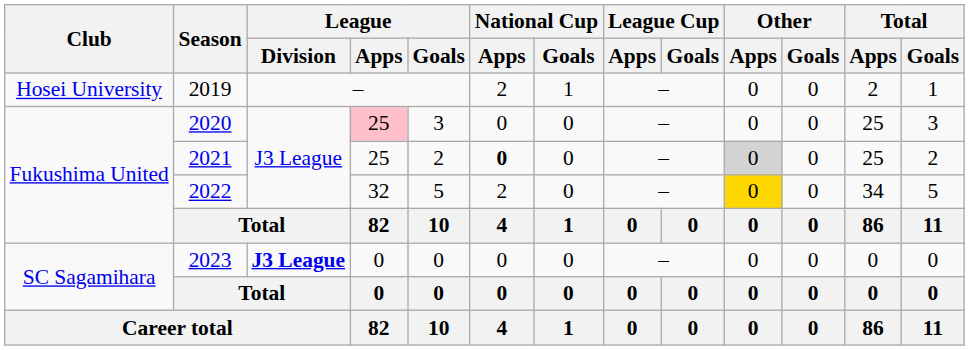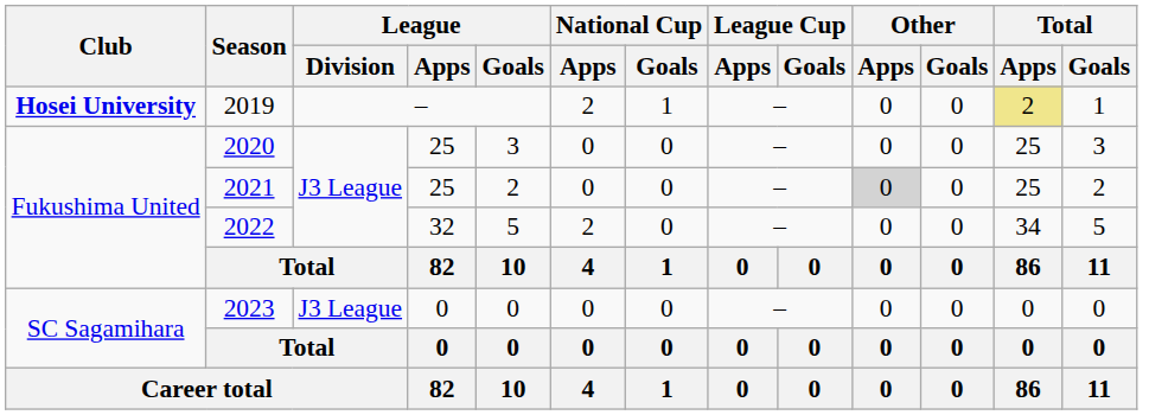 <table class="wikitable" style="text-align: center">
 <tr>
 <th rowspan="2">Club</th>
 <th rowspan="2">Season</th>
 <th colspan="3">League</th>
 <th colspan="2">National Cup</th>
 <th colspan="2">League Cup</th>
 <th colspan="2">Other</th>
 <th colspan="2">Total</th>
 </tr>
 <tr>
 <th>Division</th>
 <th>Apps</th>
 <th>Goals</th>
 <th>Apps</th>
 <th>Goals</th>
 <th>Apps</th>
 <th>Goals</th>
 <th>Apps</th>
 <th>Goals</th>
 <th>Apps</th>
 <th>Goals</th>
 </tr>
 <tr>
-<td><a href='#'>Hosei University</a></td>
+<td><strong><a href='#'>Hosei University</a></strong></td>
 <td>2019</td>
 <td colspan="3">–</td>
 <td>2</td>
 <td>1</td>
 <td colspan="2">–</td>
 <td>0</td>
 <td>0</td>
-<td>2</td>
+<td style="background: khaki;">2</td>
 <td>1</td>
 </tr>
 <tr>
 <td rowspan="4"><a href='#'>Fukushima United</a></td>
 <td><a href='#'>2020</a></td>
 <td rowspan="3"><a href='#'>J3 League</a></td>
-<td style="background: pink;">25</td>
+<td>25</td>
 <td>3</td>
 <td>0</td>
 <td>0</td>
 <td colspan="2">–</td>
 <td>0</td>
 <td>0</td>
 <td>25</td>
 <td>3</td>
 </tr>
 <tr>
 <td><a href='#'>2021</a></td>
 <td>25</td>
 <td>2</td>
-<td><strong>0</strong></td>
+<td>0</td>
 <td>0</td>
 <td colspan="2">–</td>
 <td style="background: lightgrey;">0</td>
 <td>0</td>
 <td>25</td>
 <td>2</td>
 </tr>
 <tr>
 <td><a href='#'>2022</a></td>
 <td>32</td>
 <td>5</td>
 <td>2</td>
 <td>0</td>
 <td colspan="2">–</td>
-<td style="background: gold;">0</td>
+<td>0</td>
 <td>0</td>
 <td>34</td>
 <td>5</td>
 </tr>
 <tr>
 <th colspan=2>Total</th>
 <th>82</th>
 <th>10</th>
 <th>4</th>
 <th>1</th>
 <th>0</th>
 <th>0</th>
 <th>0</th>
 <th>0</th>
 <th>86</th>
 <th>11</th>
 </tr>
 <tr>
 <td rowspan="2"><a href='#'>SC Sagamihara</a></td>
 <td><a href='#'>2023</a></td>
-<td rowspan="1"><strong><a href='#'>J3 League</a></strong></td>
+<td rowspan="1"><a href='#'>J3 League</a></td>
 <td>0</td>
 <td>0</td>
 <td>0</td>
 <td>0</td>
 <td colspan="2">–</td>
 <td>0</td>
 <td>0</td>
 <td>0</td>
 <td>0</td>
 </tr>
 <tr>
 <th colspan=2>Total</th>
 <th>0</th>
 <th>0</th>
 <th>0</th>
 <th>0</th>
 <th>0</th>
 <th>0</th>
 <th>0</th>
 <th>0</th>
 <th>0</th>
 <th>0</th>
 </tr>
 <tr>
 <th colspan=3>Career total</th>
 <th>82</th>
 <th>10</th>
 <th>4</th>
 <th>1</th>
 <th>0</th>
 <th>0</th>
 <th>0</th>
 <th>0</th>
 <th>86</th>
 <th>11</th>
 </tr>
 </table>
